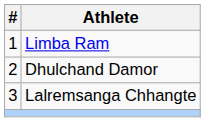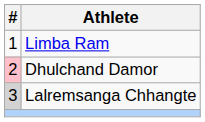 <table class="wikitable">
 <tr>
 <th>#</th>
 <th>Athlete</th>
 </tr>
 <tr>
 <td>1</td>
 <td><a href='#'>Limba Ram</a></td>
 </tr>
 <tr>
-<td>2</td>
+<td style="background: pink;">2</td>
 <td>Dhulchand Damor</td>
 </tr>
 <tr>
-<td>3</td>
+<td style="background: lightgrey;">3</td>
 <td>Lalremsanga Chhangte</td>
 </tr>
 <tr ---->
 <td colspan="9" bgcolor="#B0D3FB" align="left" bgcolor="#DFEDFD"></td>
 </tr>
 </table>
